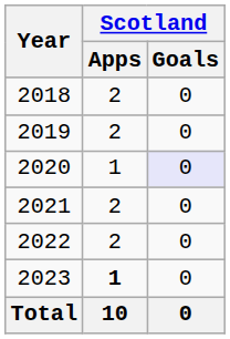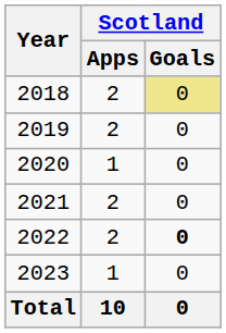 <table class="wikitable" style="text-align:center">
 <tr>
 <th rowspan=2>Year</th>
 <th colspan=2><a href='#'>Scotland</a></th>
 </tr>
 <tr>
 <th>Apps</th>
 <th>Goals</th>
 </tr>
 <tr>
 <td>2018</td>
 <td>2</td>
-<td>0</td>
+<td style="background: khaki;">0</td>
 </tr>
 <tr>
 <td>2019</td>
 <td>2</td>
 <td>0</td>
 </tr>
 <tr>
 <td>2020</td>
 <td>1</td>
-<td style="background: lavender;">0</td>
+<td>0</td>
 </tr>
 <tr>
 <td>2021</td>
 <td>2</td>
 <td>0</td>
 </tr>
 <tr>
 <td>2022</td>
 <td>2</td>
-<td>0</td>
+<td><strong>0</strong></td>
 </tr>
 <tr>
 <td>2023</td>
-<td><strong>1</strong></td>
+<td>1</td>
 <td>0</td>
 </tr>
 <tr>
 <th>Total</th>
 <th>10</th>
 <th>0</th>
 </tr>
 </table>
